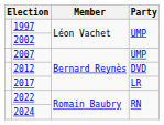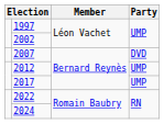 <table class="wikitable">
 <tr>
 <th colspan="2">Election</th>
 <th>Member</th>
 <th>Party</th>
 </tr>
 <tr>
 <td rowspan="2" style="color:inherit;background-color: "></td>
 <td><a href='#'>1997</a></td>
 <td rowspan="2">Léon Vachet</td>
 <td rowspan="2"><a href='#'>UMP</a></td>
 </tr>
 <tr>
 <td><a href='#'>2002</a></td>
 </tr>
 <tr>
 <td style="color:inherit;background-color: "></td>
 <td><a href='#'>2007</a></td>
 <td rowspan="3"><a href='#'>Bernard Reynès</a></td>
-<td><a href='#'>UMP</a></td>
+<td><a href='#'>DVD</a></td>
 </tr>
 <tr>
 <td rowspan="2" style="color:inherit;background-color: "></td>
 <td><a href='#'>2012</a></td>
-<td><a href='#'>DVD</a></td>
+<td><a href='#'>UMP</a></td>
 </tr>
 <tr>
 <td><a href='#'>2017</a></td>
-<td><a href='#'>LR</a></td>
+<td><a href='#'>UMP</a></td>
 </tr>
 <tr>
 <td rowspan="2" style="color:inherit;background-color: "></td>
 <td><a href='#'>2022</a></td>
 <td rowspan="2"><a href='#'>Romain Baubry</a></td>
 <td rowspan="2"><a href='#'>RN</a></td>
 </tr>
 <tr>
 <td><a href='#'>2024</a></td>
 </tr>
 </table>
